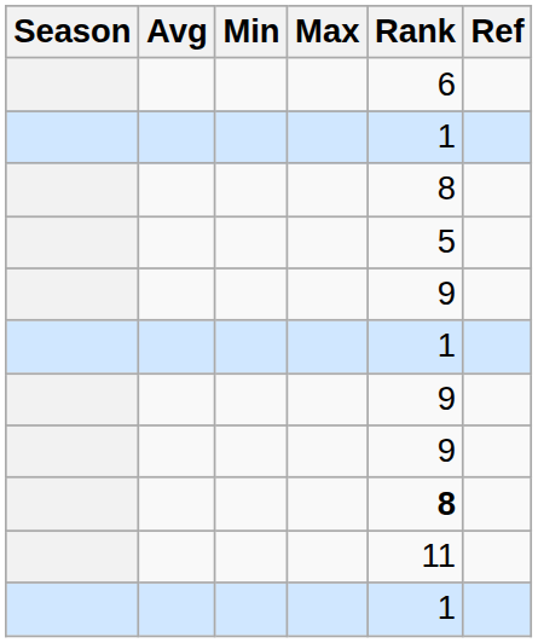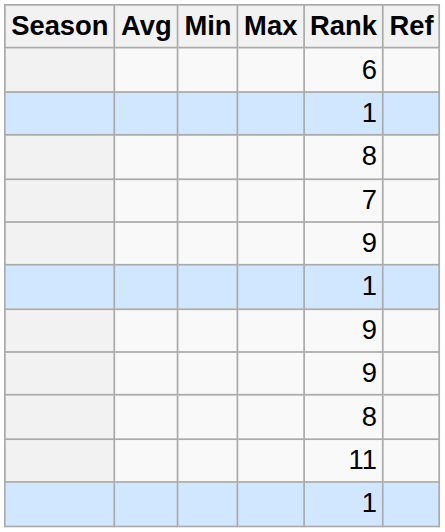 <table class="wikitable plainrowheaders sortable">
 <tr>
 <th>Season</th>
 <th>Avg</th>
 <th>Min</th>
 <th>Max</th>
 <th>Rank</th>
 <th class="unsortable">Ref</th>
 </tr>
 <tr>
 <th scope=row></th>
 <td align=right></td>
 <td align=right></td>
 <td align=right></td>
 <td align=right>6</td>
 <td align=center></td>
 </tr>
 <tr>
 <th scope=row style="background-color: #D0E7FF"></th>
 <td style="background-color: #D0E7FF" align=right></td>
 <td style="background-color: #D0E7FF" align=center></td>
 <td style="background-color: #D0E7FF" align=center></td>
 <td style="background-color: #D0E7FF" align=right>1</td>
 <td style="background-color: #D0E7FF" align=center></td>
 </tr>
 <tr>
 <th scope=row></th>
 <td align=right></td>
 <td align=right></td>
 <td align=right></td>
 <td align=right>8</td>
 <td align=center></td>
 </tr>
 <tr>
 <th scope=row></th>
 <td align=right></td>
 <td align=right></td>
 <td align=right></td>
-<td align=right>5</td>
+<td align=right>7</td>
 <td align=center></td>
 </tr>
 <tr>
 <th scope=row></th>
 <td align=right></td>
 <td align=right></td>
 <td align=right></td>
 <td align=right>9</td>
 <td align=center></td>
 </tr>
 <tr>
 <th scope=row style="background-color: #D0E7FF"></th>
 <td style="background-color: #D0E7FF" align=right></td>
 <td style="background-color: #D0E7FF" align=right></td>
 <td style="background-color: #D0E7FF" align=right></td>
 <td style="background-color: #D0E7FF" align=right>1</td>
 <td style="background-color: #D0E7FF" align=center></td>
 </tr>
 <tr>
 <th scope=row></th>
 <td align=right></td>
 <td align=right></td>
 <td align=right></td>
 <td align=right>9</td>
 <td align=center></td>
 </tr>
 <tr>
 <th scope=row></th>
 <td align=right></td>
 <td align=right></td>
 <td align=right></td>
 <td align=right>9</td>
 <td align=center></td>
 </tr>
 <tr>
 <th scope=row></th>
 <td align=right></td>
 <td align=right></td>
 <td align=right></td>
-<td align=right><strong>8</strong></td>
+<td align=right>8</td>
 <td align=center></td>
 </tr>
 <tr>
 <th scope=row></th>
 <td align=right></td>
 <td align=right></td>
 <td align=right></td>
 <td align=right>11</td>
 <td align=center></td>
 </tr>
 <tr>
 <th scope=row style="background-color: #D0E7FF"></th>
 <td style="background-color: #D0E7FF" align=right></td>
 <td style="background-color: #D0E7FF" align=center></td>
 <td style="background-color: #D0E7FF" align=right></td>
 <td style="background-color: #D0E7FF" align=right>1</td>
 <td style="background-color: #D0E7FF" align=center></td>
 </tr>
 </table>
